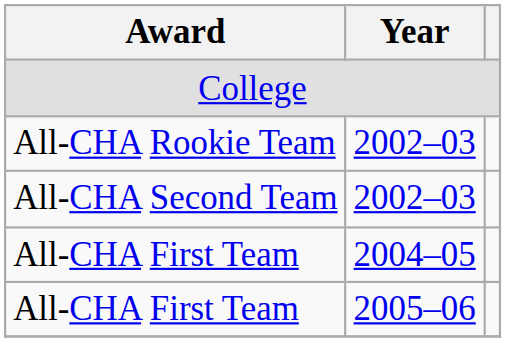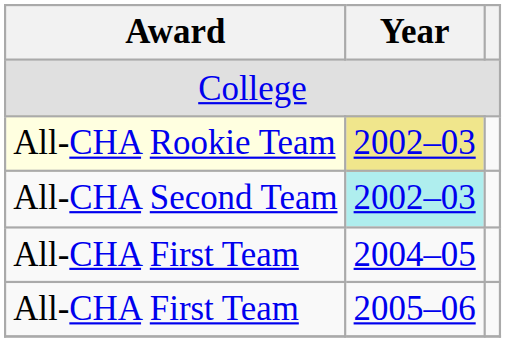 <table class="wikitable">
 <tr>
 <th>Award</th>
 <th>Year</th>
 <th></th>
 </tr>
 <tr ALIGN="center" bgcolor="#e0e0e0">
 <td colspan="3"><a href='#'>College</a></td>
 </tr>
 <tr>
-<td>All-<a href='#'>CHA</a> <a href='#'>Rookie Team</a></td>
-<td><a href='#'>2002–03</a></td>
+<td style="background: lightyellow;">All-<a href='#'>CHA</a> <a href='#'>Rookie Team</a></td>
+<td style="background: khaki;"><a href='#'>2002–03</a></td>
 <td></td>
 </tr>
 <tr>
 <td>All-<a href='#'>CHA</a> <a href='#'>Second Team</a></td>
-<td><a href='#'>2002–03</a></td>
+<td style="background: paleturquoise;"><a href='#'>2002–03</a></td>
 <td></td>
 </tr>
 <tr>
 <td>All-<a href='#'>CHA</a> <a href='#'>First Team</a></td>
 <td><a href='#'>2004–05</a></td>
 <td></td>
 </tr>
 <tr>
 <td>All-<a href='#'>CHA</a> <a href='#'>First Team</a></td>
 <td><a href='#'>2005–06</a></td>
 <td></td>
 </tr>
 <tr>
 </tr>
 </table>
